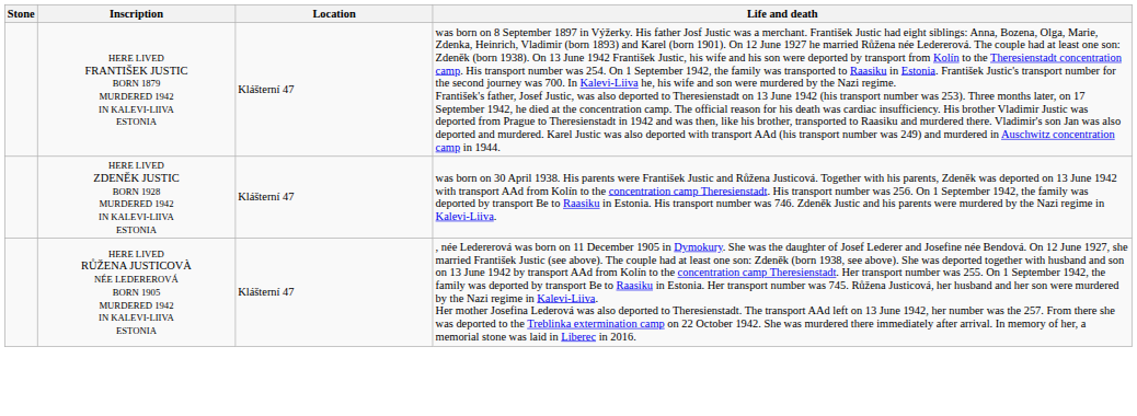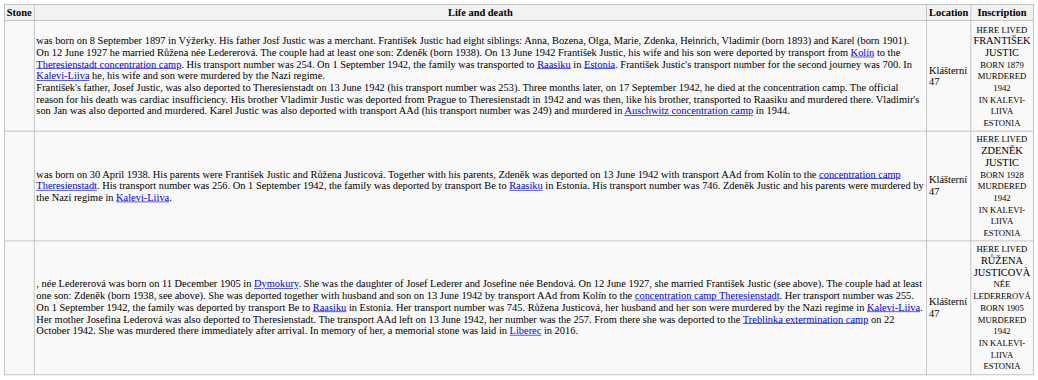 <table class="wikitable sortable toptextcells" style="width:100%">
 <tr>
 <th class="hintergrundfarbe6 unsortable" width="120px">Stone</th>
+<th class="hintergrundfarbe6" style="width:100%;">Life and death</th>
+<th class="hintergrundfarbe6" data-sort-type="text" style ="width:18%;">Location</th>
 <th class="hintergrundfarbe6" style ="width:18%;">Inscription</th>
-<th class="hintergrundfarbe6" data-sort-type="text" style ="width:18%;">Location</th>
-<th class="hintergrundfarbe6" style="width:100%;">Life and death</th>
 </tr>
 <tr>
 <td></td>
+<td><strong></strong> was born on 8 September 1897 in Výžerky.  His father Josf Justic was a merchant. František Justic had eight siblings: Anna, Bozena, Olga, Marie, Zdenka, Heinrich, Vladimir (born 1893) and Karel (born 1901). On 12 June 1927 he married Růžena née Ledererová. The couple had at least one son: Zdeněk (born 1938). On 13 June 1942 František Justic, his wife and his son were deported by transport from <a href='#'>Kolín</a> to the <a href='#'>Theresienstadt concentration camp</a>. His transport number was 254. On 1 September 1942,  the family was transported to <a href='#'>Raasiku</a> in <a href='#'>Estonia</a>. František Justic's transport number for the second journey was 700. In <a href='#'>Kalevi-Liiva</a> he, his wife and son were murdered by the Nazi regime.<br>František's father, Josef Justic, was also deported to Theresienstadt on 13 June 1942 (his transport number was 253). Three months later, on 17 September 1942, he died at the concentration camp. The official reason for his death was cardiac insufficiency. His brother Vladimir Justic was deported from Prague to Theresienstadt in 1942 and was then, like his brother, transported to Raasiku and murdered there. Vladimir's son Jan was also deported and murdered. Karel Justic was also deported with transport AAd (his transport number was 249) and murdered in <a href='#'>Auschwitz concentration camp</a> in 1944.</td>
+<td>Klášterní 47<br> </td>
 <td style="text-align:center"><div><small>HERE LIVED</small><br>FRANTIŠEK JUSTIC<br><small>BORN 1879<br>MURDERED 1942<br>IN KALEVI-LIIVA<br>ESTONIA</small></div></td>
-<td>Klášterní 47<br> </td>
-<td><strong></strong> was born on 8 September 1897 in Výžerky.  His father Josf Justic was a merchant. František Justic had eight siblings: Anna, Bozena, Olga, Marie, Zdenka, Heinrich, Vladimir (born 1893) and Karel (born 1901). On 12 June 1927 he married Růžena née Ledererová. The couple had at least one son: Zdeněk (born 1938). On 13 June 1942 František Justic, his wife and his son were deported by transport from <a href='#'>Kolín</a> to the <a href='#'>Theresienstadt concentration camp</a>. His transport number was 254. On 1 September 1942,  the family was transported to <a href='#'>Raasiku</a> in <a href='#'>Estonia</a>. František Justic's transport number for the second journey was 700. In <a href='#'>Kalevi-Liiva</a> he, his wife and son were murdered by the Nazi regime.<br>František's father, Josef Justic, was also deported to Theresienstadt on 13 June 1942 (his transport number was 253). Three months later, on 17 September 1942, he died at the concentration camp. The official reason for his death was cardiac insufficiency. His brother Vladimir Justic was deported from Prague to Theresienstadt in 1942 and was then, like his brother, transported to Raasiku and murdered there. Vladimir's son Jan was also deported and murdered. Karel Justic was also deported with transport AAd (his transport number was 249) and murdered in <a href='#'>Auschwitz concentration camp</a> in 1944.</td>
 </tr>
 <tr>
 <td></td>
+<td><strong></strong> was born on 30 April 1938. His parents were František Justic and Růžena Justicová. Together with his parents, Zdeněk was deported on 13 June 1942 with transport AAd from Kolín to the <a href='#'>concentration camp Theresienstadt</a>. His transport number was 256. On 1 September 1942, the family was deported by transport Be to <a href='#'>Raasiku</a> in Estonia. His transport number was 746. Zdeněk Justic and his parents were murdered by the Nazi regime in <a href='#'>Kalevi-Liiva</a>.</td>
+<td>Klášterní 47<br> </td>
 <td style="text-align:center"><div><small>HERE LIVED</small><br>ZDENĚK JUSTIC<br><small>BORN 1928<br>MURDERED 1942<br>IN KALEVI-LIIVA<br>ESTONIA</small></div></td>
-<td>Klášterní 47<br> </td>
-<td><strong></strong> was born on 30 April 1938. His parents were František Justic and Růžena Justicová. Together with his parents, Zdeněk was deported on 13 June 1942 with transport AAd from Kolín to the <a href='#'>concentration camp Theresienstadt</a>. His transport number was 256. On 1 September 1942, the family was deported by transport Be to <a href='#'>Raasiku</a> in Estonia. His transport number was 746. Zdeněk Justic and his parents were murdered by the Nazi regime in <a href='#'>Kalevi-Liiva</a>.</td>
 </tr>
 <tr>
 <td></td>
+<td><strong></strong>, née Ledererová was born on 11 December 1905 in <a href='#'>Dymokury</a>. She was the daughter of Josef Lederer and Josefine née Bendová. On 12 June 1927, she married František Justic (see above). The couple had at least one son: Zdeněk (born 1938, see above). She was deported together with husband and son on 13 June 1942 by transport AAd from Kolín to the <a href='#'>concentration camp Theresienstadt</a>. Her transport number was 255. On 1 September 1942, the family was deported by transport Be to <a href='#'>Raasiku</a> in Estonia. Her transport number was 745. Růžena Justicová, her husband and her son were murdered by the Nazi regime in <a href='#'>Kalevi-Liiva</a>.<br>Her mother Josefina Lederová was also deported to Theresienstadt. The transport AAd left on 13 June 1942, her number was the 257. From there she was deported to the <a href='#'>Treblinka extermination camp</a> on 22 October 1942. She was murdered there immediately after arrival. In memory of her, a memorial stone was laid in <a href='#'>Liberec</a> in 2016.</td>
+<td>Klášterní 47<br> </td>
 <td style="text-align:center"><div><small>HERE LIVED</small><br>RŮŽENA JUSTICOVÀ<br><small>NÉE LEDEREROVÁ<br>BORN 1905<br>MURDERED 1942<br>IN KALEVI-LIIVA<br>ESTONIA</small></div></td>
-<td>Klášterní 47<br> </td>
-<td><strong></strong>, née Ledererová was born on 11 December 1905 in <a href='#'>Dymokury</a>. She was the daughter of Josef Lederer and Josefine née Bendová. On 12 June 1927, she married František Justic (see above). The couple had at least one son: Zdeněk (born 1938, see above). She was deported together with husband and son on 13 June 1942 by transport AAd from Kolín to the <a href='#'>concentration camp Theresienstadt</a>. Her transport number was 255. On 1 September 1942, the family was deported by transport Be to <a href='#'>Raasiku</a> in Estonia. Her transport number was 745. Růžena Justicová, her husband and her son were murdered by the Nazi regime in <a href='#'>Kalevi-Liiva</a>.<br>Her mother Josefina Lederová was also deported to Theresienstadt. The transport AAd left on 13 June 1942, her number was the 257. From there she was deported to the <a href='#'>Treblinka extermination camp</a> on 22 October 1942. She was murdered there immediately after arrival. In memory of her, a memorial stone was laid in <a href='#'>Liberec</a> in 2016.</td>
 </tr>
 </table>
